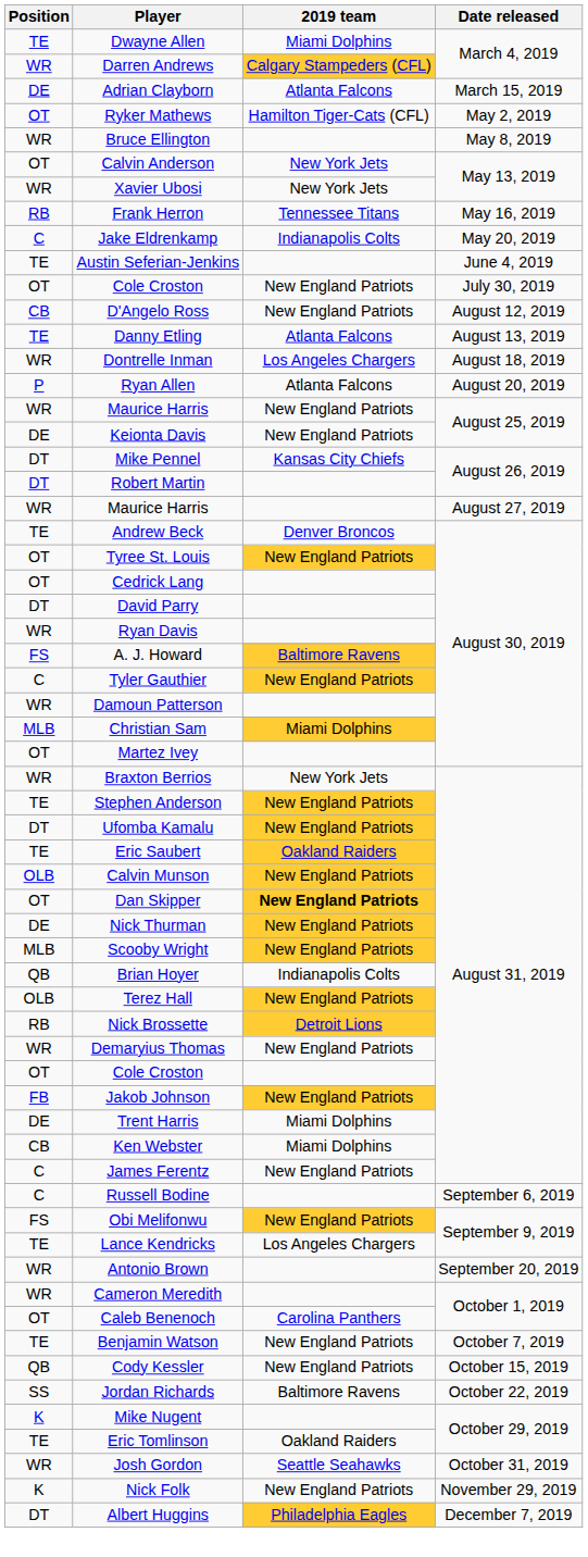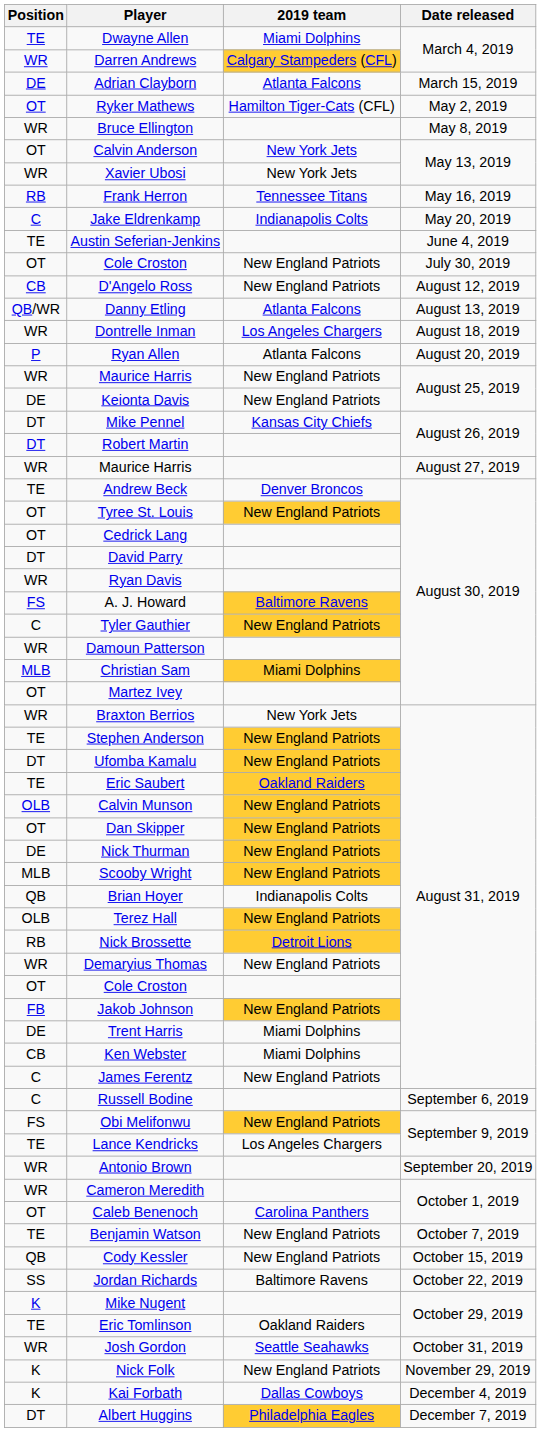 <table class="wikitable" style="text-align:center">
 <tr>
 <th>Position</th>
 <th>Player</th>
 <th>2019 team</th>
 <th>Date released</th>
 </tr>
 <tr>
 <td><a href='#'>TE</a></td>
 <td><a href='#'>Dwayne Allen</a></td>
 <td><a href='#'>Miami Dolphins</a></td>
 <td rowspan="2">March 4, 2019</td>
 </tr>
 <tr>
 <td><a href='#'>WR</a></td>
 <td><a href='#'>Darren Andrews</a></td>
 <td style="background:#fc3"><a href='#'>Calgary Stampeders</a> (<a href='#'>CFL</a>)</td>
 </tr>
 <tr>
 <td><a href='#'>DE</a></td>
 <td><a href='#'>Adrian Clayborn</a></td>
 <td><a href='#'>Atlanta Falcons</a></td>
 <td>March 15, 2019</td>
 </tr>
 <tr>
 <td><a href='#'>OT</a></td>
 <td><a href='#'>Ryker Mathews</a></td>
 <td><a href='#'>Hamilton Tiger-Cats</a> (CFL)</td>
 <td>May 2, 2019</td>
 </tr>
 <tr>
 <td>WR</td>
 <td><a href='#'>Bruce Ellington</a></td>
 <td></td>
 <td>May 8, 2019</td>
 </tr>
 <tr>
 <td>OT</td>
 <td><a href='#'>Calvin Anderson</a></td>
 <td><a href='#'>New York Jets</a></td>
 <td rowspan="2">May 13, 2019</td>
 </tr>
 <tr>
 <td>WR</td>
 <td><a href='#'>Xavier Ubosi</a></td>
 <td>New York Jets</td>
 </tr>
 <tr>
 <td><a href='#'>RB</a></td>
 <td><a href='#'>Frank Herron</a></td>
 <td><a href='#'>Tennessee Titans</a></td>
 <td>May 16, 2019</td>
 </tr>
 <tr>
 <td><a href='#'>C</a></td>
 <td><a href='#'>Jake Eldrenkamp</a></td>
 <td><a href='#'>Indianapolis Colts</a></td>
 <td>May 20, 2019</td>
 </tr>
 <tr>
 <td>TE</td>
 <td><a href='#'>Austin Seferian-Jenkins</a></td>
 <td></td>
 <td>June 4, 2019</td>
 </tr>
 <tr>
 <td>OT</td>
 <td><a href='#'>Cole Croston</a></td>
 <td>New England Patriots</td>
 <td>July 30, 2019</td>
 </tr>
 <tr>
 <td><a href='#'>CB</a></td>
 <td><a href='#'>D'Angelo Ross</a></td>
 <td>New England Patriots</td>
 <td>August 12, 2019</td>
 </tr>
 <tr>
-<td><a href='#'>TE</a></td>
+<td><a href='#'>QB</a>/WR</td>
 <td><a href='#'>Danny Etling</a></td>
 <td><a href='#'>Atlanta Falcons</a></td>
 <td>August 13, 2019</td>
 </tr>
 <tr>
 <td>WR</td>
 <td><a href='#'>Dontrelle Inman</a></td>
 <td><a href='#'>Los Angeles Chargers</a></td>
 <td>August 18, 2019</td>
 </tr>
 <tr>
 <td><a href='#'>P</a></td>
 <td><a href='#'>Ryan Allen</a></td>
 <td>Atlanta Falcons</td>
 <td>August 20, 2019</td>
 </tr>
 <tr>
 <td>WR</td>
 <td><a href='#'>Maurice Harris</a></td>
 <td>New England Patriots</td>
 <td rowspan="2">August 25, 2019</td>
 </tr>
 <tr>
 <td>DE</td>
 <td><a href='#'>Keionta Davis</a></td>
 <td>New England Patriots</td>
 </tr>
 <tr>
 <td>DT</td>
 <td><a href='#'>Mike Pennel</a></td>
 <td><a href='#'>Kansas City Chiefs</a></td>
 <td rowspan="2">August 26, 2019</td>
 </tr>
 <tr>
 <td><a href='#'>DT</a></td>
 <td><a href='#'>Robert Martin</a></td>
 <td></td>
 </tr>
 <tr>
 <td>WR</td>
 <td>Maurice Harris</td>
 <td></td>
 <td>August 27, 2019</td>
 </tr>
 <tr>
 <td>TE</td>
 <td><a href='#'>Andrew Beck</a></td>
 <td><a href='#'>Denver Broncos</a></td>
 <td rowspan="10">August 30, 2019</td>
 </tr>
 <tr>
 <td>OT</td>
 <td><a href='#'>Tyree St. Louis</a></td>
 <td style="background:#fc3">New England Patriots</td>
 </tr>
 <tr>
 <td>OT</td>
 <td><a href='#'>Cedrick Lang</a></td>
 <td></td>
 </tr>
 <tr>
 <td>DT</td>
 <td><a href='#'>David Parry</a></td>
 <td></td>
 </tr>
 <tr>
 <td>WR</td>
 <td><a href='#'>Ryan Davis</a></td>
 <td></td>
 </tr>
 <tr>
 <td><a href='#'>FS</a></td>
 <td>A. J. Howard</td>
 <td style="background:#fc3"><a href='#'>Baltimore Ravens</a></td>
 </tr>
 <tr>
 <td>C</td>
 <td><a href='#'>Tyler Gauthier</a></td>
 <td style="background:#fc3">New England Patriots</td>
 </tr>
 <tr>
 <td>WR</td>
 <td><a href='#'>Damoun Patterson</a></td>
 <td></td>
 </tr>
 <tr>
 <td><a href='#'>MLB</a></td>
 <td><a href='#'>Christian Sam</a></td>
 <td style="background:#fc3">Miami Dolphins</td>
 </tr>
 <tr>
 <td>OT</td>
 <td><a href='#'>Martez Ivey</a></td>
 <td></td>
 </tr>
 <tr>
 <td>WR</td>
 <td><a href='#'>Braxton Berrios</a></td>
 <td>New York Jets</td>
 <td rowspan="17">August 31, 2019</td>
 </tr>
 <tr>
 <td>TE</td>
 <td><a href='#'>Stephen Anderson</a></td>
 <td style="background:#fc3">New England Patriots</td>
 </tr>
 <tr>
 <td>DT</td>
 <td><a href='#'>Ufomba Kamalu</a></td>
 <td style="background:#fc3">New England Patriots</td>
 </tr>
 <tr>
 <td>TE</td>
 <td><a href='#'>Eric Saubert</a></td>
 <td style="background:#fc3"><a href='#'>Oakland Raiders</a></td>
 </tr>
 <tr>
 <td><a href='#'>OLB</a></td>
 <td><a href='#'>Calvin Munson</a></td>
 <td style="background:#fc3">New England Patriots</td>
 </tr>
 <tr>
 <td>OT</td>
 <td><a href='#'>Dan Skipper</a></td>
-<td style="background:#fc3"><strong>New England Patriots</strong></td>
+<td style="background:#fc3">New England Patriots</td>
 </tr>
 <tr>
 <td>DE</td>
 <td><a href='#'>Nick Thurman</a></td>
 <td style="background:#fc3">New England Patriots</td>
 </tr>
 <tr>
 <td>MLB</td>
 <td><a href='#'>Scooby Wright</a></td>
 <td style="background:#fc3">New England Patriots</td>
 </tr>
 <tr>
 <td>QB</td>
 <td><a href='#'>Brian Hoyer</a></td>
 <td>Indianapolis Colts</td>
 </tr>
 <tr>
 <td>OLB</td>
 <td><a href='#'>Terez Hall</a></td>
 <td style="background:#fc3">New England Patriots</td>
 </tr>
 <tr>
 <td>RB</td>
 <td><a href='#'>Nick Brossette</a></td>
 <td style="background:#fc3"><a href='#'>Detroit Lions</a></td>
 </tr>
 <tr>
 <td>WR</td>
 <td><a href='#'>Demaryius Thomas</a></td>
 <td>New England Patriots</td>
 </tr>
 <tr>
 <td>OT</td>
 <td><a href='#'>Cole Croston</a></td>
 <td></td>
 </tr>
 <tr>
 <td><a href='#'>FB</a></td>
 <td><a href='#'>Jakob Johnson</a></td>
 <td style="background:#fc3">New England Patriots</td>
 </tr>
 <tr>
 <td>DE</td>
 <td><a href='#'>Trent Harris</a></td>
 <td>Miami Dolphins</td>
 </tr>
 <tr>
 <td>CB</td>
 <td><a href='#'>Ken Webster</a></td>
 <td>Miami Dolphins</td>
 </tr>
 <tr>
 <td>C</td>
 <td><a href='#'>James Ferentz</a></td>
 <td>New England Patriots</td>
 </tr>
 <tr>
 <td>C</td>
 <td><a href='#'>Russell Bodine</a></td>
 <td></td>
 <td>September 6, 2019</td>
 </tr>
 <tr>
 <td>FS</td>
 <td><a href='#'>Obi Melifonwu</a></td>
 <td style="background:#fc3">New England Patriots</td>
 <td rowspan="2">September 9, 2019</td>
 </tr>
 <tr>
 <td>TE</td>
 <td><a href='#'>Lance Kendricks</a></td>
 <td>Los Angeles Chargers</td>
 </tr>
 <tr>
 <td>WR</td>
 <td><a href='#'>Antonio Brown</a></td>
 <td></td>
 <td>September 20, 2019</td>
 </tr>
 <tr>
 <td>WR</td>
 <td><a href='#'>Cameron Meredith</a></td>
 <td></td>
 <td rowspan="2">October 1, 2019</td>
 </tr>
 <tr>
 <td>OT</td>
 <td><a href='#'>Caleb Benenoch</a></td>
 <td><a href='#'>Carolina Panthers</a></td>
 </tr>
 <tr>
 <td>TE</td>
 <td><a href='#'>Benjamin Watson</a></td>
 <td>New England Patriots</td>
 <td>October 7, 2019</td>
 </tr>
 <tr>
 <td>QB</td>
 <td><a href='#'>Cody Kessler</a></td>
 <td>New England Patriots</td>
 <td>October 15, 2019</td>
 </tr>
 <tr>
 <td>SS</td>
 <td><a href='#'>Jordan Richards</a></td>
 <td>Baltimore Ravens</td>
 <td>October 22, 2019</td>
 </tr>
 <tr>
 <td><a href='#'>K</a></td>
 <td><a href='#'>Mike Nugent</a></td>
 <td></td>
 <td rowspan="2">October 29, 2019</td>
 </tr>
 <tr>
 <td>TE</td>
 <td><a href='#'>Eric Tomlinson</a></td>
 <td>Oakland Raiders</td>
 </tr>
 <tr>
 <td>WR</td>
 <td><a href='#'>Josh Gordon</a></td>
 <td><a href='#'>Seattle Seahawks</a></td>
 <td>October 31, 2019</td>
 </tr>
 <tr>
 <td>K</td>
 <td><a href='#'>Nick Folk</a></td>
 <td>New England Patriots</td>
 <td>November 29, 2019</td>
 </tr>
 <tr>
+<td>K</td>
+<td><a href='#'>Kai Forbath</a></td>
+<td><a href='#'>Dallas Cowboys</a></td>
+<td>December 4, 2019</td>
+</tr>
+<tr>
 <td>DT</td>
 <td><a href='#'>Albert Huggins</a></td>
 <td style="background:#fc3"><a href='#'>Philadelphia Eagles</a></td>
 <td>December 7, 2019</td>
 </tr>
 </table>
